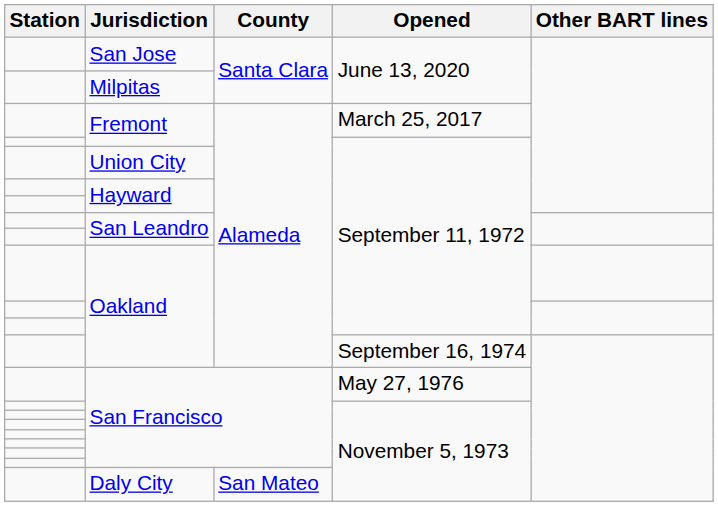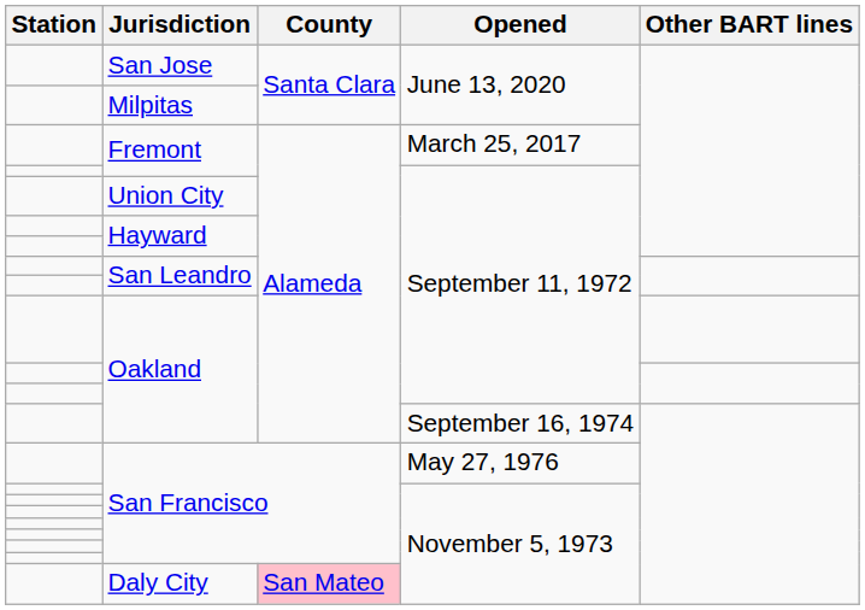 <table class=wikitable>
 <tr>
 <th>Station</th>
 <th>Jurisdiction</th>
 <th>County</th>
 <th>Opened</th>
 <th>Other BART lines</th>
 </tr>
 <tr>
 <td></td>
 <td><a href='#'>San Jose</a></td>
 <td rowspan="2"><a href='#'>Santa Clara</a></td>
 <td rowspan="2">June 13, 2020</td>
 <td rowspan="7"></td>
 </tr>
 <tr>
 <td></td>
 <td><a href='#'>Milpitas</a></td>
 </tr>
 <tr>
 <td></td>
 <td rowspan="2"><a href='#'>Fremont</a></td>
 <td rowspan="11"><a href='#'>Alameda</a></td>
 <td>March 25, 2017</td>
 </tr>
 <tr>
 <td></td>
 <td rowspan="9">September 11, 1972</td>
 </tr>
 <tr>
 <td></td>
 <td><a href='#'>Union City</a></td>
 </tr>
 <tr>
 <td></td>
 <td rowspan="2"><a href='#'>Hayward</a></td>
 </tr>
 <tr>
 <td></td>
 </tr>
 <tr>
 <td></td>
 <td rowspan="2"><a href='#'>San Leandro</a></td>
 <td rowspan="2"><br></td>
 </tr>
 <tr>
 <td></td>
 </tr>
 <tr>
 <td></td>
 <td rowspan="4"><a href='#'>Oakland</a></td>
 <td><br><br></td>
 </tr>
 <tr>
 <td></td>
 <td rowspan="2"><br></td>
 </tr>
 <tr>
 <td></td>
 </tr>
 <tr>
 <td></td>
 <td>September 16, 1974</td>
 <td rowspan="10"><br><br></td>
 </tr>
 <tr>
 <td></td>
 <td rowspan="8" colspan="2"><a href='#'>San Francisco</a></td>
 <td>May 27, 1976</td>
 </tr>
 <tr>
 <td></td>
 <td rowspan="8">November 5, 1973</td>
 </tr>
 <tr>
 <td></td>
 </tr>
 <tr>
 <td></td>
 </tr>
 <tr>
 <td></td>
 </tr>
 <tr>
 <td></td>
 </tr>
 <tr>
 <td></td>
 </tr>
 <tr>
 <td></td>
 </tr>
 <tr>
 <td></td>
 <td><a href='#'>Daly City</a></td>
-<td><a href='#'>San Mateo</a></td>
+<td style="background: pink;"><a href='#'>San Mateo</a></td>
 </tr>
 </table>
